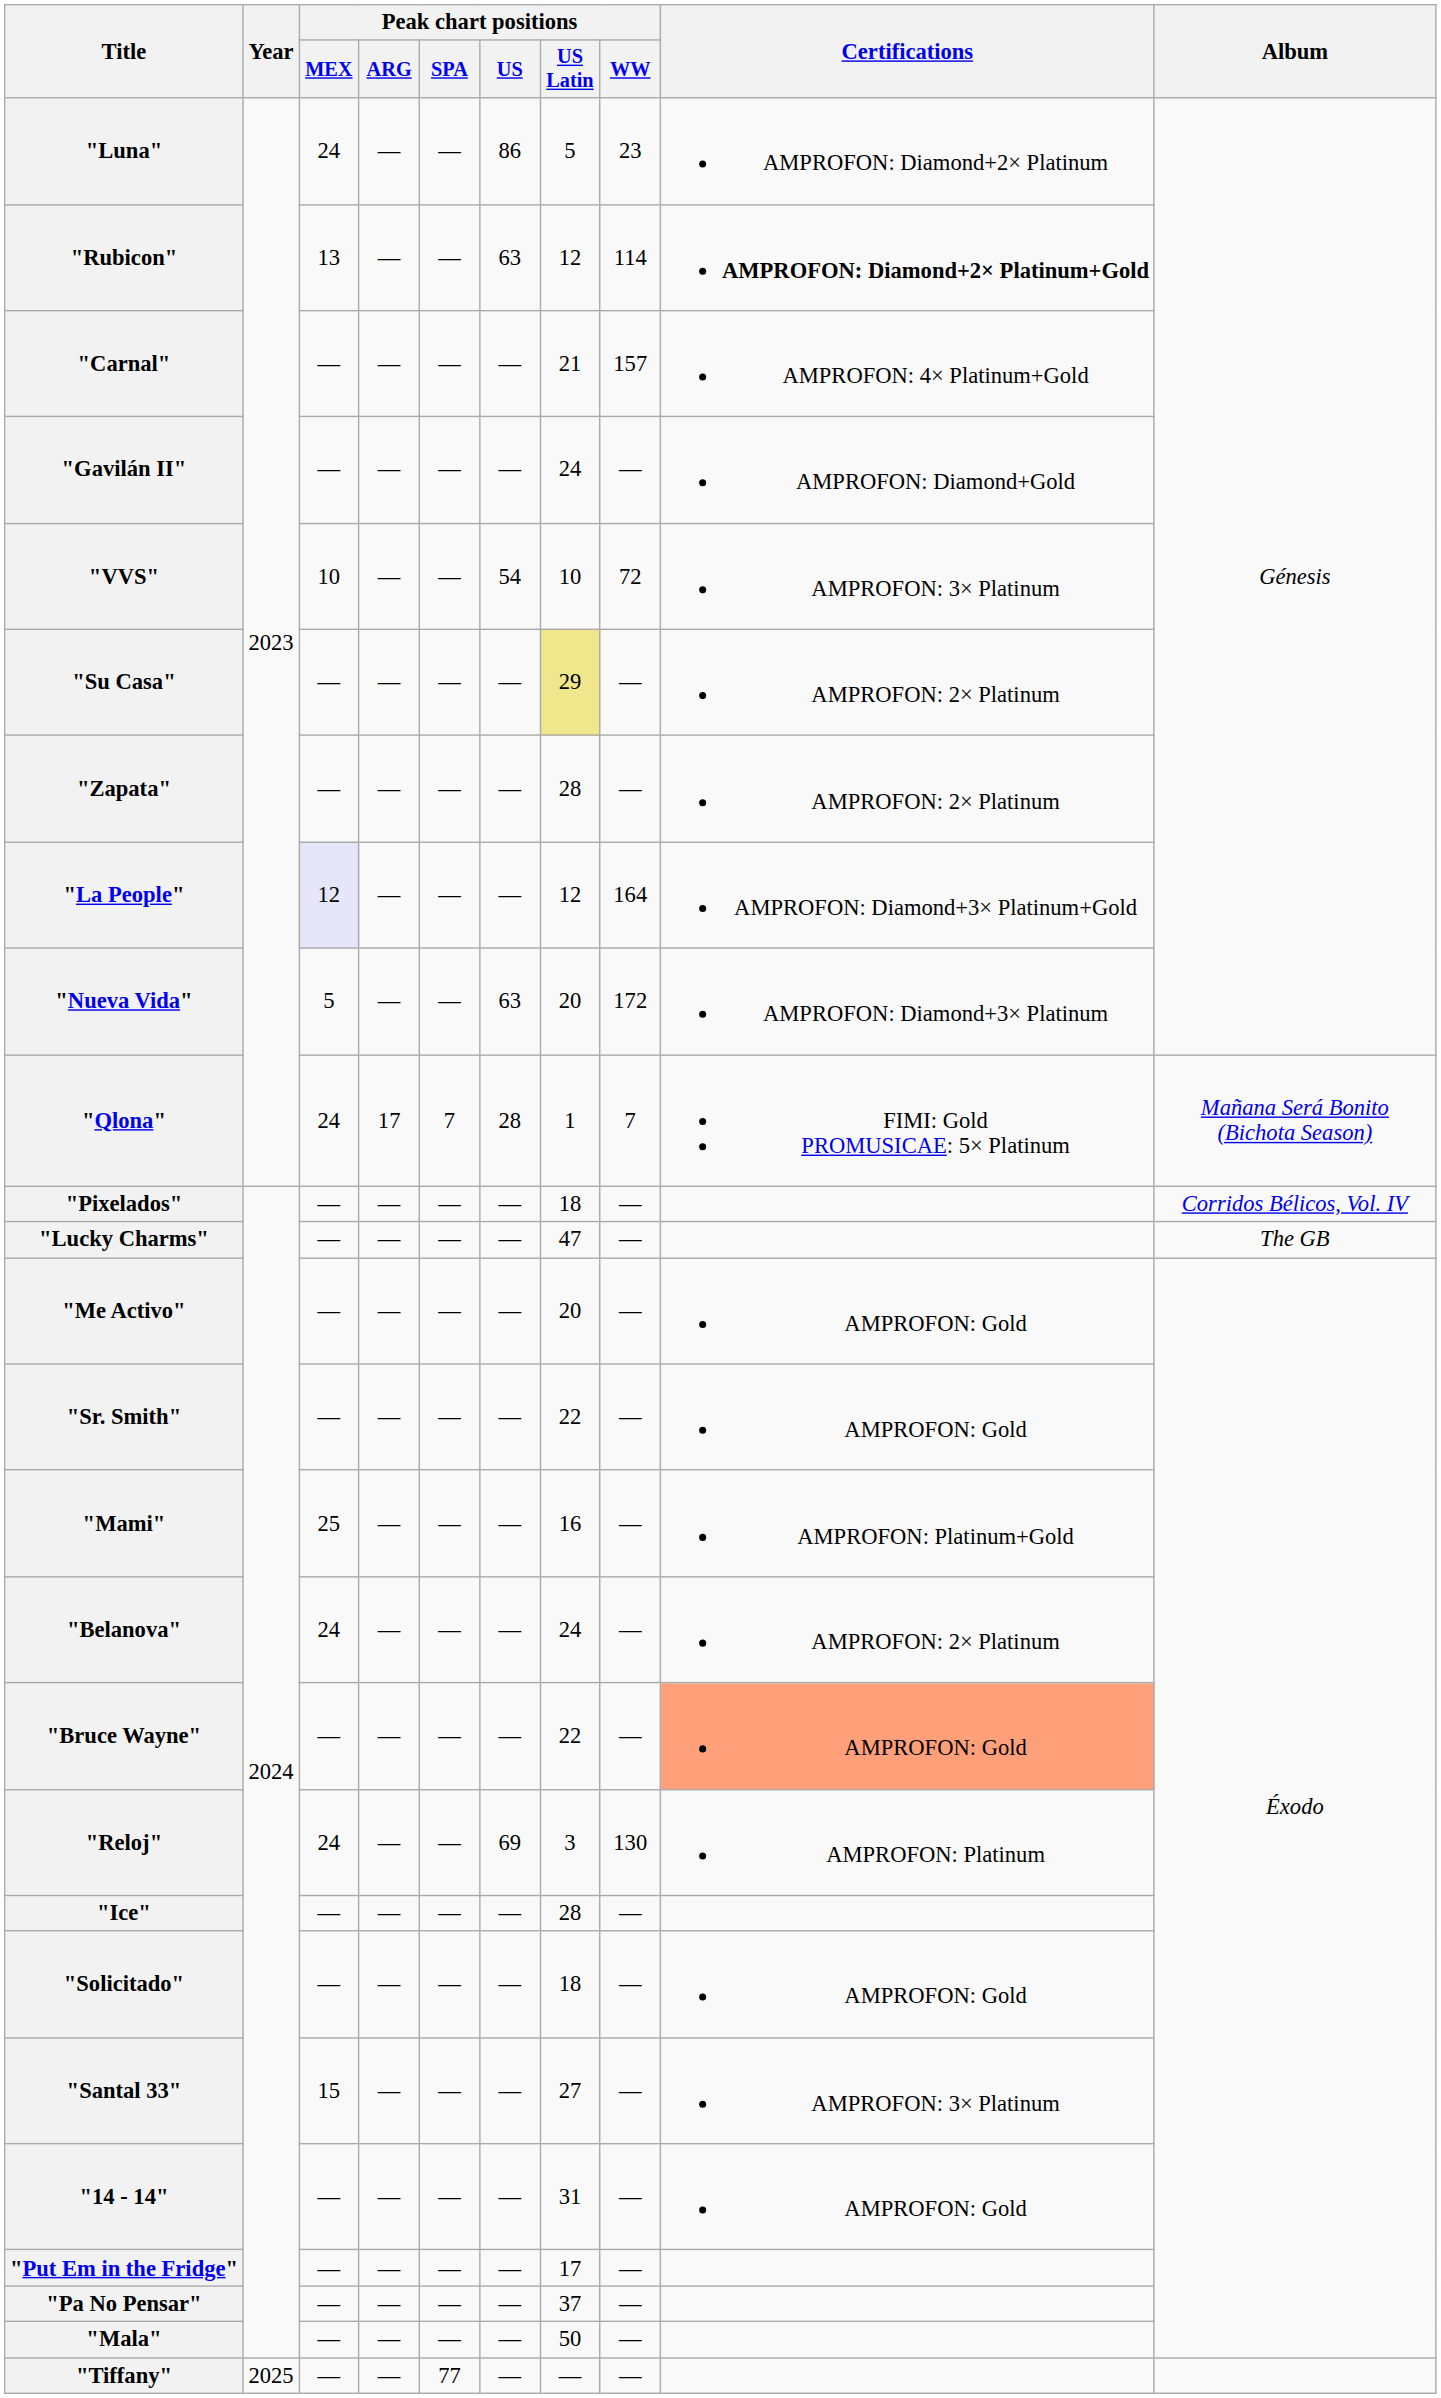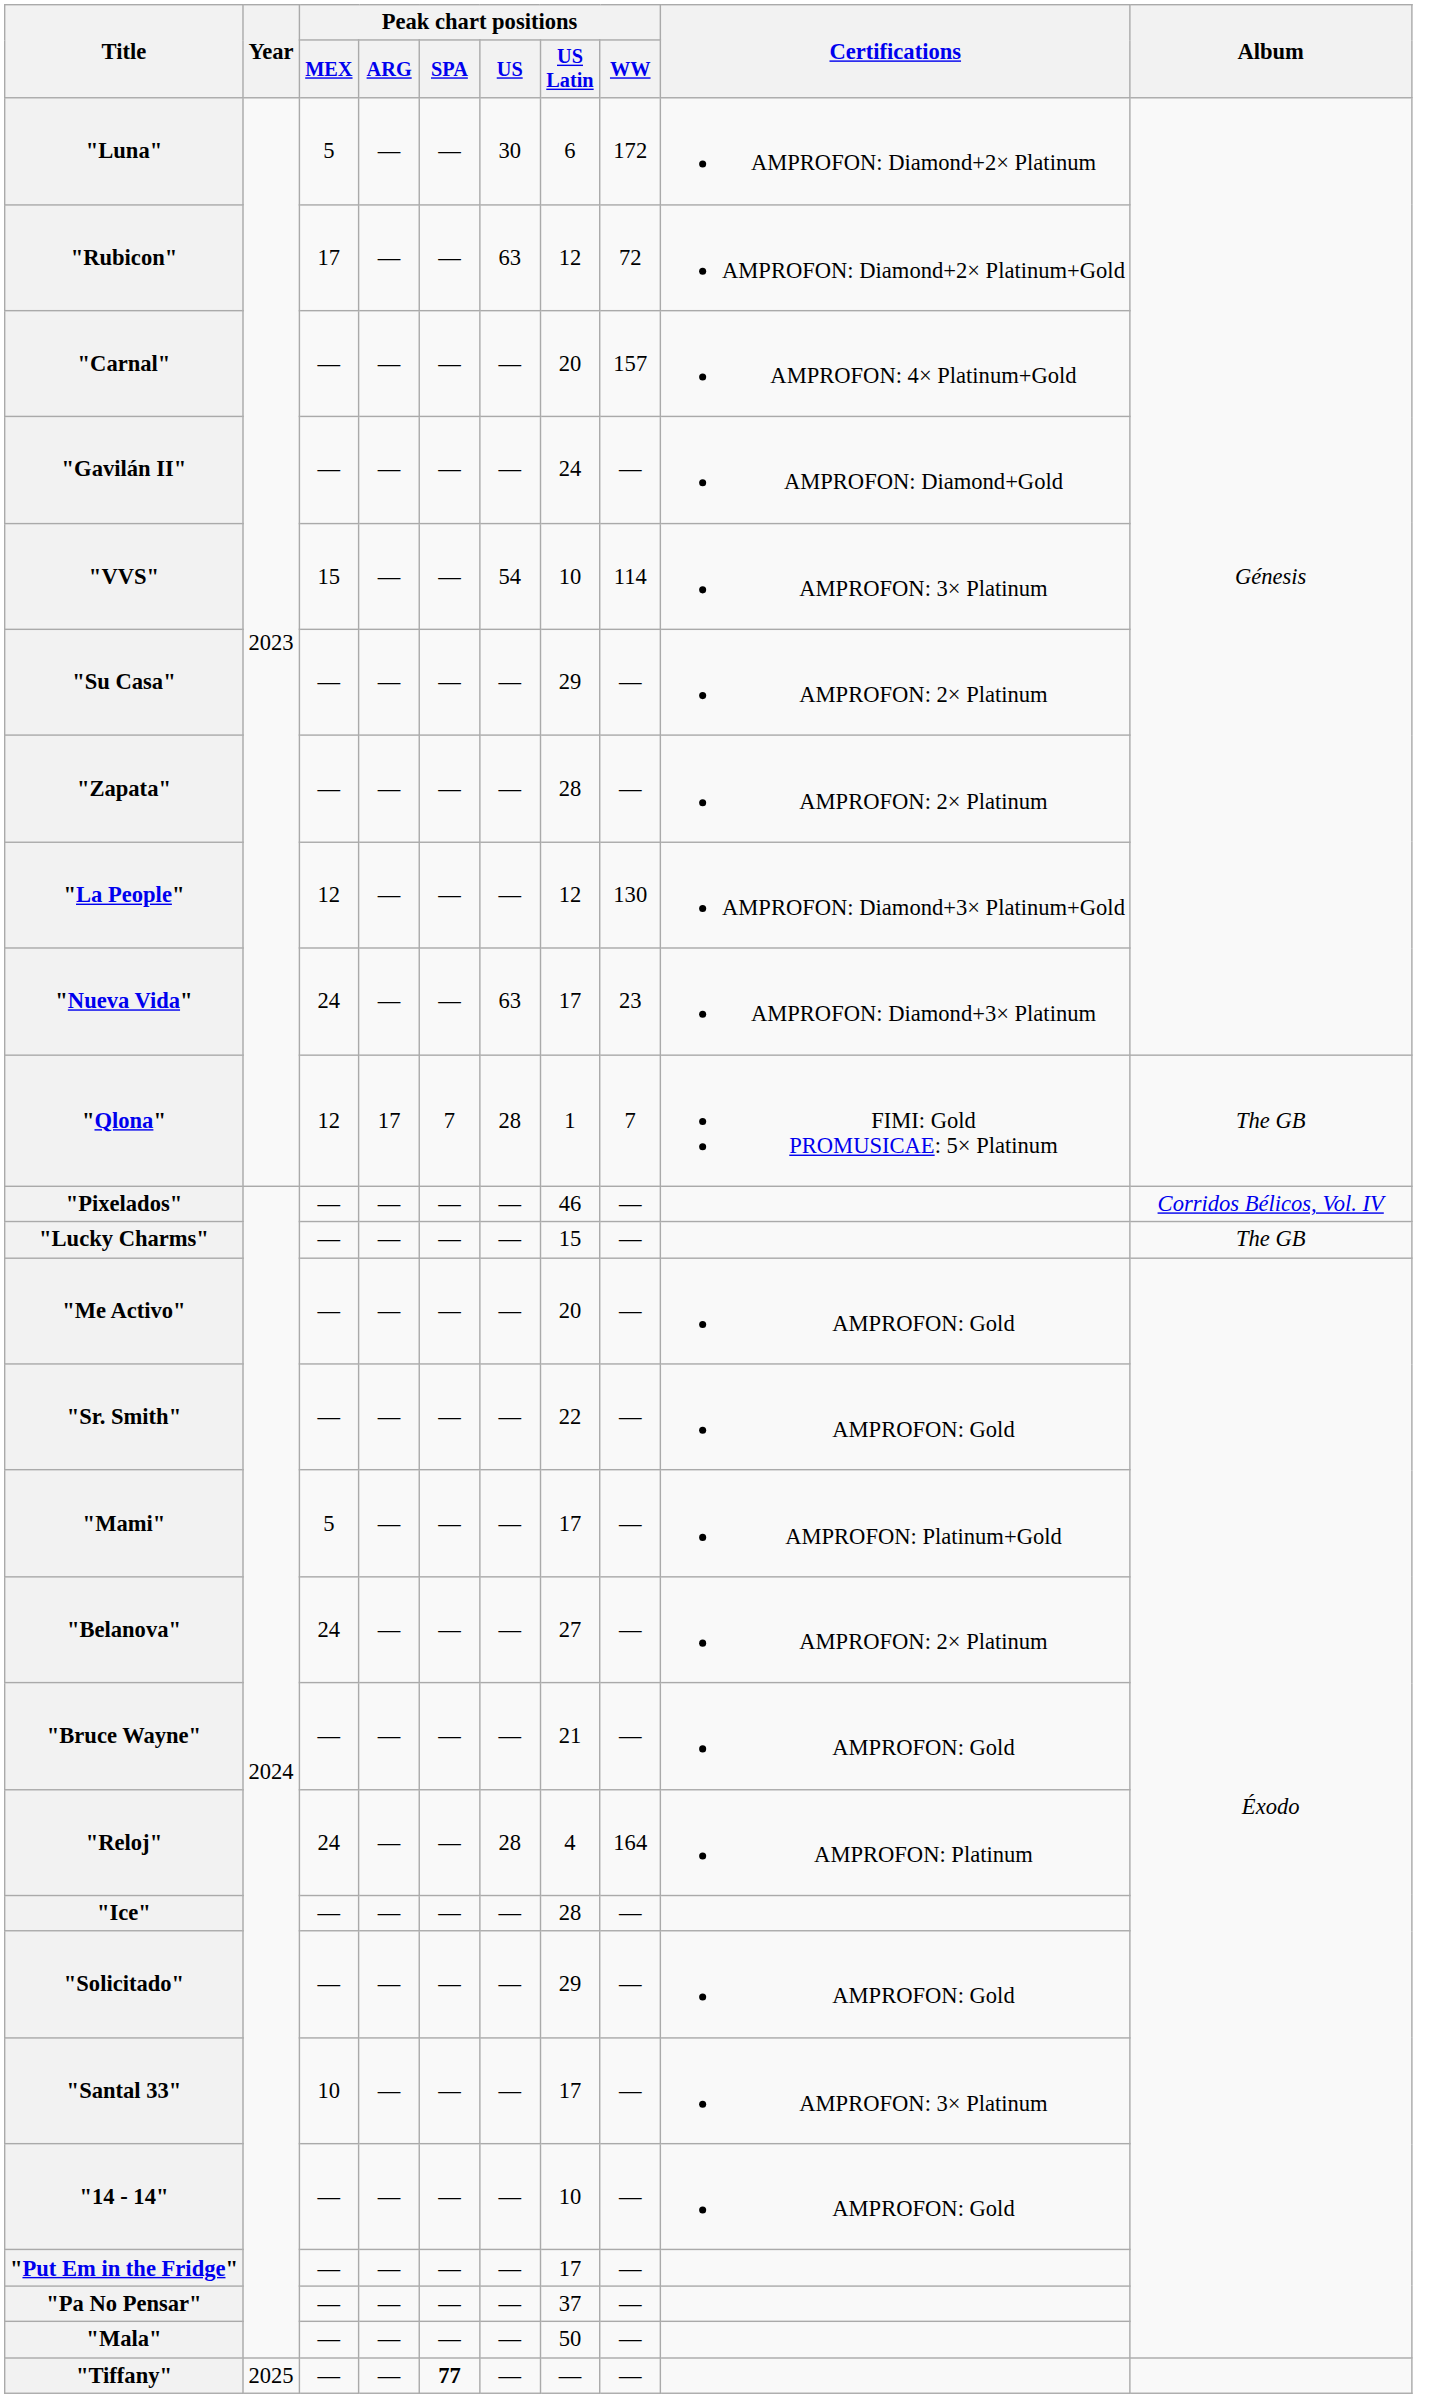 <table class="wikitable plainrowheaders" style="text-align:center;">
 <tr>
 <th scope="col" rowspan="2">Title</th>
 <th scope="col" rowspan="2">Year</th>
 <th scope="col" colspan="6">Peak chart positions</th>
 <th scope="col" rowspan="2"><a href='#'>Certifications</a></th>
 <th scope="col" rowspan="2" style="width:12em;">Album</th>
 </tr>
 <tr>
 <th scope="col" style="width:2.5em;font-size:90%;"><a href='#'>MEX</a><br></th>
 <th scope="col" style="width:2.5em;font-size:90%;"><a href='#'>ARG</a><br></th>
 <th scope="col" style="width:2.5em;font-size:90%;"><a href='#'>SPA</a><br></th>
 <th scope="col" style="width:2.5em;font-size:90%;"><a href='#'>US</a><br></th>
 <th scope="col" style="width:2.5em;font-size:90%;"><a href='#'>US<br>Latin</a><br></th>
 <th scope="col" style="width:2.5em;font-size:90%;"><a href='#'>WW</a><br></th>
 </tr>
 <tr>
 <th scope="row">"Luna"<br></th>
 <td rowspan="10">2023</td>
-<td>24</td>
+<td>5</td>
 <td>—</td>
 <td>—</td>
-<td>86</td>
-<td>5</td>
-<td>23</td>
+<td>30</td>
+<td>6</td>
+<td>172</td>
 <td><br><ul><li>AMPROFON: Diamond+2× Platinum</li></ul></td>
 <td rowspan="9"><em>Génesis</em></td>
 </tr>
 <tr>
 <th scope="row">"Rubicon"</th>
-<td>13</td>
+<td>17</td>
 <td>—</td>
 <td>—</td>
 <td>63</td>
 <td>12</td>
-<td>114</td>
-<td><strong><br><ul><li>AMPROFON: Diamond+2× Platinum+Gold</li></ul></strong></td>
+<td>72</td>
+<td><br><ul><li>AMPROFON: Diamond+2× Platinum+Gold</li></ul></td>
 </tr>
 <tr>
 <th scope="row">"Carnal"<br></th>
 <td>—</td>
 <td>—</td>
 <td>—</td>
 <td>—</td>
-<td>21</td>
+<td>20</td>
 <td>157</td>
 <td><br><ul><li>AMPROFON: 4× Platinum+Gold</li></ul></td>
 </tr>
 <tr>
 <th scope="row">"Gavilán II"<br></th>
 <td>—</td>
 <td>—</td>
 <td>—</td>
 <td>—</td>
 <td>24</td>
 <td>—</td>
 <td><br><ul><li>AMPROFON: Diamond+Gold</li></ul></td>
 </tr>
 <tr>
 <th scope="row">"VVS"<br></th>
-<td>10</td>
+<td>15</td>
 <td>—</td>
 <td>—</td>
 <td>54</td>
 <td>10</td>
-<td>72</td>
+<td>114</td>
 <td><br><ul><li>AMPROFON: 3× Platinum</li></ul></td>
 </tr>
 <tr>
 <th scope="row">"Su Casa"<br></th>
 <td>—</td>
 <td>—</td>
 <td>—</td>
 <td>—</td>
-<td style="background: khaki;">29</td>
+<td>29</td>
 <td>—</td>
 <td><br><ul><li>AMPROFON: 2× Platinum</li></ul></td>
 </tr>
 <tr>
 <th scope="row">"Zapata"</th>
 <td>—</td>
 <td>—</td>
 <td>—</td>
 <td>—</td>
 <td>28</td>
 <td>—</td>
 <td><br><ul><li>AMPROFON: 2× Platinum</li></ul></td>
 </tr>
 <tr>
 <th scope="row">"<a href='#'>La People</a>"<br></th>
-<td style="background: lavender;">12</td>
+<td>12</td>
 <td>—</td>
 <td>—</td>
 <td>—</td>
 <td>12</td>
-<td>164</td>
+<td>130</td>
 <td><br><ul><li>AMPROFON: Diamond+3× Platinum+Gold</li></ul></td>
 </tr>
 <tr>
 <th scope="row">"<a href='#'>Nueva Vida</a>"</th>
-<td>5</td>
+<td>24</td>
 <td>—</td>
 <td>—</td>
 <td>63</td>
-<td>20</td>
-<td>172</td>
+<td>17</td>
+<td>23</td>
 <td><br><ul><li>AMPROFON: Diamond+3× Platinum</li></ul></td>
 </tr>
 <tr>
 <th scope="row">"<a href='#'>Qlona</a>"<br></th>
-<td>24</td>
+<td>12</td>
 <td>17</td>
 <td>7</td>
 <td>28</td>
 <td>1</td>
 <td>7</td>
 <td><br><ul><li>FIMI: Gold</li><li><a href='#'>PROMUSICAE</a>: 5× Platinum</li></ul></td>
-<td><em><a href='#'>Mañana Será Bonito (Bichota Season)</a></em></td>
+<td><em>The GB</em></td>
 </tr>
 <tr>
 <th scope="row">"Pixelados"<br></th>
 <td rowspan="15">2024</td>
 <td>—</td>
 <td>—</td>
 <td>—</td>
 <td>—</td>
-<td>18</td>
+<td>46</td>
 <td>—</td>
 <td></td>
 <td><em><a href='#'>Corridos Bélicos, Vol. IV</a></em></td>
 </tr>
 <tr>
 <th scope="row">"Lucky Charms"<br></th>
 <td>—</td>
 <td>—</td>
 <td>—</td>
 <td>—</td>
-<td>47</td>
+<td>15</td>
 <td>—</td>
 <td></td>
 <td><em>The GB</em></td>
 </tr>
 <tr>
 <th scope="row">"Me Activo"<br></th>
 <td>—</td>
 <td>—</td>
 <td>—</td>
 <td>—</td>
 <td>20</td>
 <td>—</td>
 <td><br><ul><li>AMPROFON: Gold</li></ul></td>
 <td rowspan="13"><em>Éxodo</em></td>
 </tr>
 <tr>
 <th scope="row">"Sr. Smith"<br></th>
 <td>—</td>
 <td>—</td>
 <td>—</td>
 <td>—</td>
 <td>22</td>
 <td>—</td>
 <td><br><ul><li>AMPROFON: Gold</li></ul></td>
 </tr>
 <tr>
 <th scope="row">"Mami"<br></th>
-<td>25</td>
+<td>5</td>
 <td>—</td>
 <td>—</td>
 <td>—</td>
-<td>16</td>
+<td>17</td>
 <td>—</td>
 <td><br><ul><li>AMPROFON: Platinum+Gold</li></ul></td>
 </tr>
 <tr>
 <th scope="row">"Belanova"<br></th>
 <td>24</td>
 <td>—</td>
 <td>—</td>
 <td>—</td>
-<td>24</td>
+<td>27</td>
 <td>—</td>
 <td><br><ul><li>AMPROFON: 2× Platinum</li></ul></td>
 </tr>
 <tr>
 <th scope="row">"Bruce Wayne"</th>
 <td>—</td>
 <td>—</td>
 <td>—</td>
 <td>—</td>
-<td>22</td>
+<td>21</td>
 <td>—</td>
-<td style="background: lightsalmon;"><br><ul><li>AMPROFON: Gold</li></ul></td>
+<td><br><ul><li>AMPROFON: Gold</li></ul></td>
 </tr>
 <tr>
 <th scope="row">"Reloj"<br></th>
 <td>24</td>
 <td>—</td>
 <td>—</td>
-<td>69</td>
-<td>3</td>
-<td>130</td>
+<td>28</td>
+<td>4</td>
+<td>164</td>
 <td><br><ul><li>AMPROFON: Platinum</li></ul></td>
 </tr>
 <tr>
 <th scope="row">"Ice"</th>
 <td>—</td>
 <td>—</td>
 <td>—</td>
 <td>—</td>
 <td>28</td>
 <td>—</td>
 <td></td>
 </tr>
 <tr>
 <th scope="row">"Solicitado"</th>
 <td>—</td>
 <td>—</td>
 <td>—</td>
 <td>—</td>
-<td>18</td>
+<td>29</td>
 <td>—</td>
 <td><br><ul><li>AMPROFON: Gold</li></ul></td>
 </tr>
 <tr>
 <th scope="row">"Santal 33"<br></th>
-<td>15</td>
+<td>10</td>
 <td>—</td>
 <td>—</td>
 <td>—</td>
-<td>27</td>
+<td>17</td>
 <td>—</td>
 <td><br><ul><li>AMPROFON: 3× Platinum</li></ul></td>
 </tr>
 <tr>
 <th scope="row">"14 - 14"</th>
 <td>—</td>
 <td>—</td>
 <td>—</td>
 <td>—</td>
-<td>31</td>
+<td>10</td>
 <td>—</td>
 <td><br><ul><li>AMPROFON: Gold</li></ul></td>
 </tr>
 <tr>
 <th scope="row">"<a href='#'>Put Em in the Fridge</a>"<br></th>
 <td>—</td>
 <td>—</td>
 <td>—</td>
 <td>—</td>
 <td>17</td>
 <td>—</td>
 <td></td>
 </tr>
 <tr>
 <th scope="row">"Pa No Pensar"<br></th>
 <td>—</td>
 <td>—</td>
 <td>—</td>
 <td>—</td>
 <td>37</td>
 <td>—</td>
 <td></td>
 </tr>
 <tr>
 <th scope="row">"Mala"<br></th>
 <td>—</td>
 <td>—</td>
 <td>—</td>
 <td>—</td>
 <td>50</td>
 <td>—</td>
 <td></td>
 </tr>
 <tr>
 <th scope="row">"Tiffany"<br></th>
 <td>2025</td>
 <td>—</td>
 <td>—</td>
-<td>77</td>
+<td><strong>77</strong></td>
 <td>—</td>
 <td>—</td>
 <td>—</td>
 <td></td>
 </tr>
 </table>
